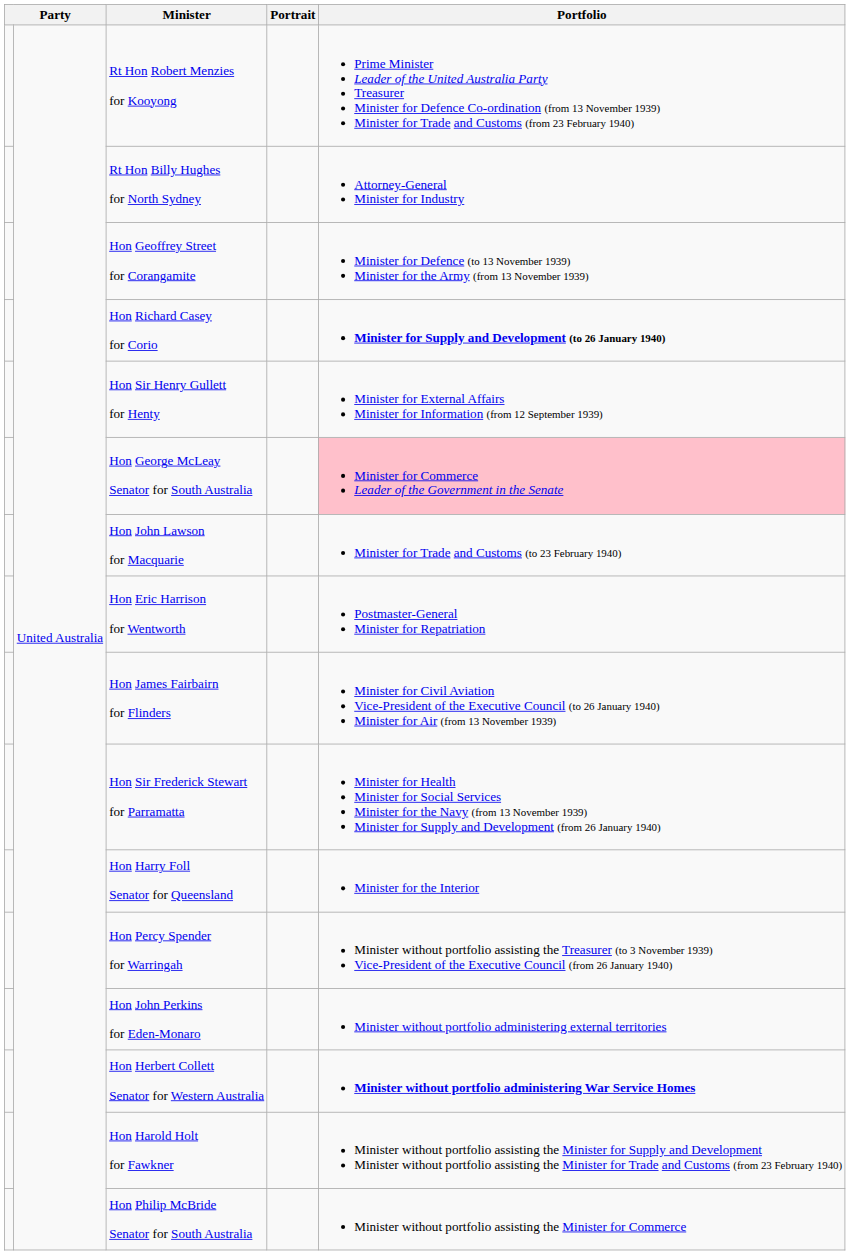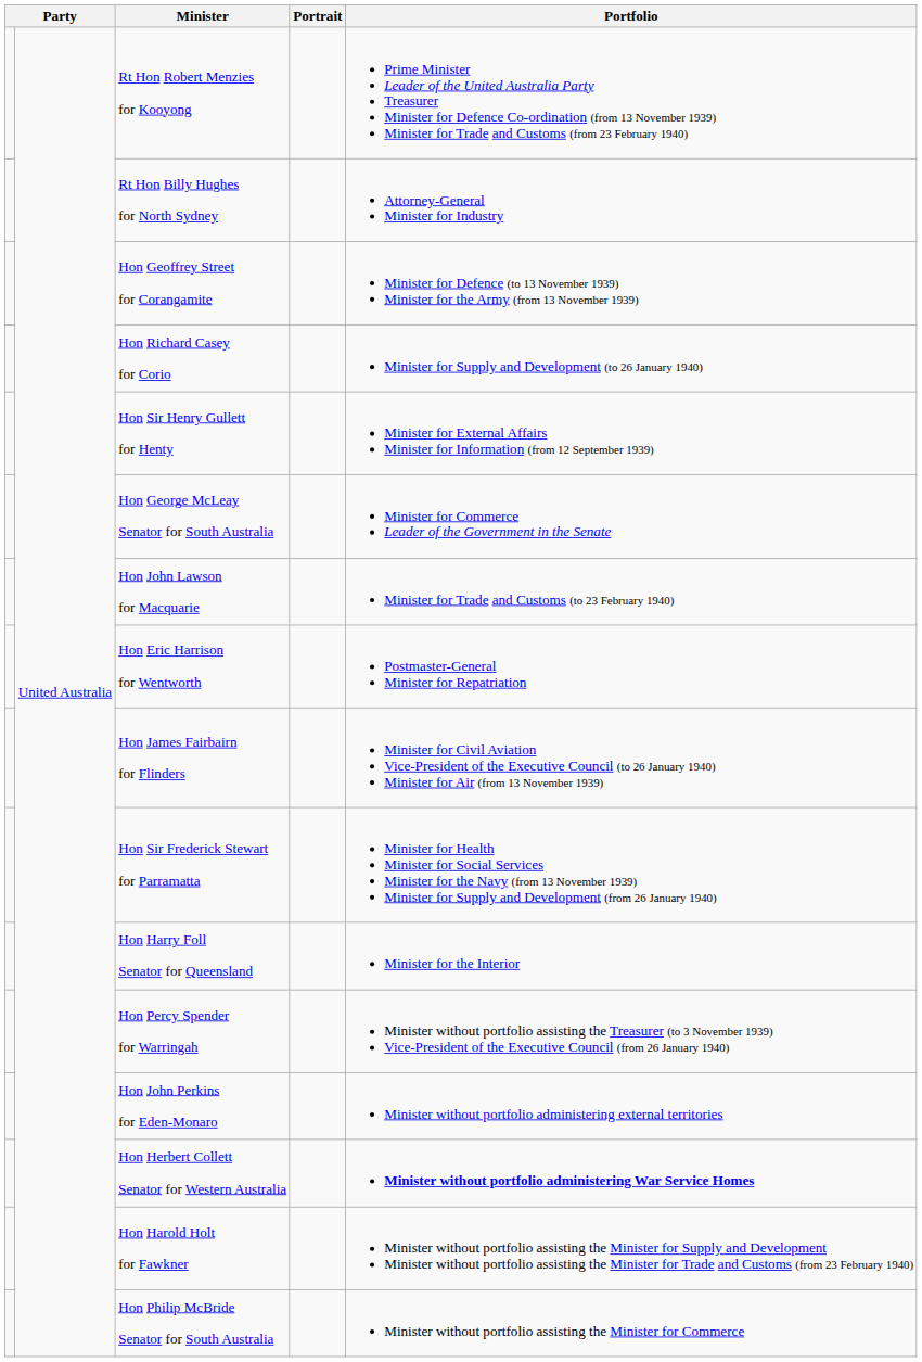 <table class="wikitable sortable">
 <tr>
 <th colspan="2">Party</th>
 <th>Minister</th>
 <th>Portrait</th>
 <th>Portfolio</th>
 </tr>
 <tr>
 <td> </td>
 <td rowspan=16><a href='#'>United Australia</a></td>
 <td><a href='#'>Rt Hon</a> <a href='#'>Robert Menzies</a>  <br><br> for <a href='#'>Kooyong</a> <br></td>
 <td></td>
 <td><br><ul><li><a href='#'>Prime Minister</a></li><li><em><a href='#'>Leader of the United Australia Party</a></em></li><li><a href='#'>Treasurer</a></li><li><a href='#'>Minister for Defence Co-ordination</a> <small>(from 13 November 1939)</small></li><li><a href='#'>Minister for Trade</a> <a href='#'>and Customs</a> <small>(from 23 February 1940)</small></li></ul></td>
 </tr>
 <tr>
 <td> </td>
 <td><a href='#'>Rt Hon</a> <a href='#'>Billy Hughes</a>  <br><br> for <a href='#'>North Sydney</a> <br></td>
 <td></td>
 <td><br><ul><li><a href='#'>Attorney-General</a></li><li><a href='#'>Minister for Industry</a></li></ul></td>
 </tr>
 <tr>
 <td> </td>
 <td><a href='#'>Hon</a> <a href='#'>Geoffrey Street</a>  <br><br> for <a href='#'>Corangamite</a> <br></td>
 <td></td>
 <td><br><ul><li><a href='#'>Minister for Defence</a> <small>(to 13 November 1939)</small></li><li><a href='#'>Minister for the Army</a> <small>(from 13 November 1939)</small></li></ul></td>
 </tr>
 <tr>
 <td> </td>
 <td><a href='#'>Hon</a> <a href='#'>Richard Casey</a>   <br><br> for <a href='#'>Corio</a> <br></td>
 <td></td>
-<td><strong><br><ul><li><a href='#'>Minister for Supply and Development</a> <small>(to 26 January 1940)</small></li></ul></strong></td>
+<td><br><ul><li><a href='#'>Minister for Supply and Development</a> <small>(to 26 January 1940)</small></li></ul></td>
 </tr>
 <tr>
 <td> </td>
 <td><a href='#'>Hon</a> <a href='#'>Sir Henry Gullett</a>  <br><br> for <a href='#'>Henty</a> <br></td>
 <td></td>
 <td><br><ul><li><a href='#'>Minister for External Affairs</a></li><li><a href='#'>Minister for Information</a> <small>(from 12 September 1939)</small></li></ul></td>
 </tr>
 <tr>
 <td> </td>
 <td><a href='#'>Hon</a> <a href='#'>George McLeay</a> <br><br><a href='#'>Senator</a> for <a href='#'>South Australia</a> <br></td>
 <td></td>
-<td style="background: pink;"><br><ul><li><a href='#'>Minister for Commerce</a></li><li><em><a href='#'>Leader of the Government in the Senate</a></em></li></ul></td>
+<td><br><ul><li><a href='#'>Minister for Commerce</a></li><li><em><a href='#'>Leader of the Government in the Senate</a></em></li></ul></td>
 </tr>
 <tr>
 <td> </td>
 <td><a href='#'>Hon</a> <a href='#'>John Lawson</a> <br><br> for <a href='#'>Macquarie</a> <br></td>
 <td></td>
 <td><br><ul><li><a href='#'>Minister for Trade</a> <a href='#'>and Customs</a> <small>(to 23 February 1940)</small></li></ul></td>
 </tr>
 <tr>
 <td> </td>
 <td><a href='#'>Hon</a> <a href='#'>Eric Harrison</a> <br><br> for <a href='#'>Wentworth</a> <br></td>
 <td></td>
 <td><br><ul><li><a href='#'>Postmaster-General</a></li><li><a href='#'>Minister for Repatriation</a></li></ul></td>
 </tr>
 <tr>
 <td> </td>
 <td><a href='#'>Hon</a> <a href='#'>James Fairbairn</a> <br><br> for <a href='#'>Flinders</a> <br></td>
 <td></td>
 <td><br><ul><li><a href='#'>Minister for Civil Aviation</a></li><li><a href='#'>Vice-President of the Executive Council</a> <small>(to 26 January 1940)</small></li><li><a href='#'>Minister for Air</a> <small>(from 13 November 1939)</small></li></ul></td>
 </tr>
 <tr>
 <td> </td>
 <td><a href='#'>Hon</a> <a href='#'>Sir Frederick Stewart</a> <br><br> for <a href='#'>Parramatta</a> <br></td>
 <td></td>
 <td><br><ul><li><a href='#'>Minister for Health</a></li><li><a href='#'>Minister for Social Services</a></li><li><a href='#'>Minister for the Navy</a> <small>(from 13 November 1939)</small></li><li><a href='#'>Minister for Supply and Development</a> <small>(from 26 January 1940)</small></li></ul></td>
 </tr>
 <tr>
 <td> </td>
 <td><a href='#'>Hon</a> <a href='#'>Harry Foll</a> <br><br><a href='#'>Senator</a> for <a href='#'>Queensland</a> <br></td>
 <td></td>
 <td><br><ul><li><a href='#'>Minister for the Interior</a></li></ul></td>
 </tr>
 <tr>
 <td> </td>
 <td><a href='#'>Hon</a> <a href='#'>Percy Spender</a>  <br><br> for <a href='#'>Warringah</a> <br></td>
 <td></td>
 <td><br><ul><li>Minister without portfolio assisting the <a href='#'>Treasurer</a> <small>(to 3 November 1939)</small></li><li><a href='#'>Vice-President of the Executive Council</a> <small>(from 26 January 1940)</small></li></ul></td>
 </tr>
 <tr>
 <td> </td>
 <td><a href='#'>Hon</a> <a href='#'>John Perkins</a> <br><br> for <a href='#'>Eden-Monaro</a> <br></td>
 <td></td>
 <td><br><ul><li><a href='#'>Minister without portfolio administering external territories</a></li></ul></td>
 </tr>
 <tr>
 <td> </td>
 <td><a href='#'>Hon</a> <a href='#'>Herbert Collett</a>    <br><br><a href='#'>Senator</a> for <a href='#'>Western Australia</a> <br></td>
 <td></td>
 <td><strong><br><ul><li><a href='#'>Minister without portfolio administering War Service Homes</a></li></ul></strong></td>
 </tr>
 <tr>
 <td> </td>
 <td><a href='#'>Hon</a> <a href='#'>Harold Holt</a> <br><br> for <a href='#'>Fawkner</a> <br></td>
 <td></td>
 <td><br><ul><li>Minister without portfolio assisting the <a href='#'>Minister for Supply and Development</a></li><li>Minister without portfolio assisting the <a href='#'>Minister for Trade</a> <a href='#'>and Customs</a> <small>(from 23 February 1940)</small></li></ul></td>
 </tr>
 <tr>
 <td> </td>
 <td><a href='#'>Hon</a> <a href='#'>Philip McBride</a> <br><br><a href='#'>Senator</a> for <a href='#'>South Australia</a> <br></td>
 <td></td>
 <td><br><ul><li>Minister without portfolio assisting the <a href='#'>Minister for Commerce</a></li></ul></td>
 </tr>
 </table>
